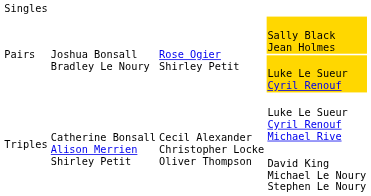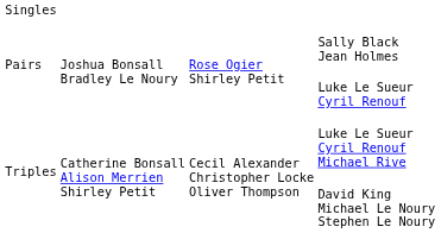 <table>
 <tr>
 <td rowspan=2>Singles</td>
 <td rowspan=2> </td>
 <td rowspan=2></td>
 <td></td>
 </tr>
 <tr>
 <td></td>
 </tr>
 <tr>
 <td rowspan=2>Pairs</td>
 <td rowspan=2><br>Joshua Bonsall<br>Bradley Le Noury</td>
 <td rowspan=2><br><a href='#'>Rose Ogier</a><br>Shirley Petit</td>
-<td style="background: gold;"> <br>Sally Black<br>Jean Holmes</td>
+<td> <br>Sally Black<br>Jean Holmes</td>
 </tr>
 <tr>
-<td style="background: gold;"><br>Luke Le Sueur<br><a href='#'>Cyril Renouf</a></td>
+<td><br>Luke Le Sueur<br><a href='#'>Cyril Renouf</a></td>
 </tr>
 <tr>
 <td rowspan=2>Triples</td>
 <td rowspan=2 nowrap> <br> Catherine Bonsall <br> <a href='#'>Alison Merrien</a> <br> Shirley Petit</td>
 <td rowspan=2 nowrap>  <br> Cecil Alexander <br> Christopher Locke <br> Oliver Thompson</td>
 <td> <br> Luke Le Sueur <br> <a href='#'>Cyril Renouf</a> <br> <a href='#'>Michael Rive</a></td>
 </tr>
 <tr>
 <td nowrap> <br> David King <br> Michael Le Noury <br> Stephen Le Noury</td>
 </tr>
 </table>
